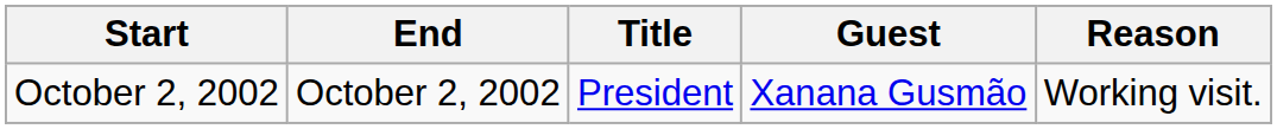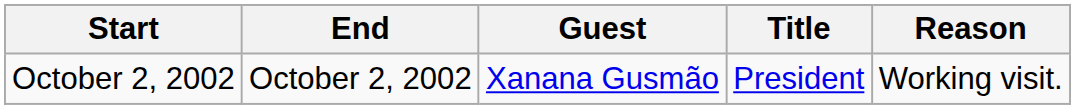 <table class="wikitable sortable">
 <tr>
 <th>Start</th>
 <th>End</th>
+<th>Guest</th>
 <th>Title</th>
-<th>Guest</th>
 <th>Reason</th>
 </tr>
 <tr>
 <td>October 2, 2002</td>
 <td>October 2, 2002</td>
+<td><a href='#'>Xanana Gusmão</a></td>
 <td><a href='#'>President</a></td>
-<td><a href='#'>Xanana Gusmão</a></td>
 <td>Working visit.</td>
 </tr>
 </table>
